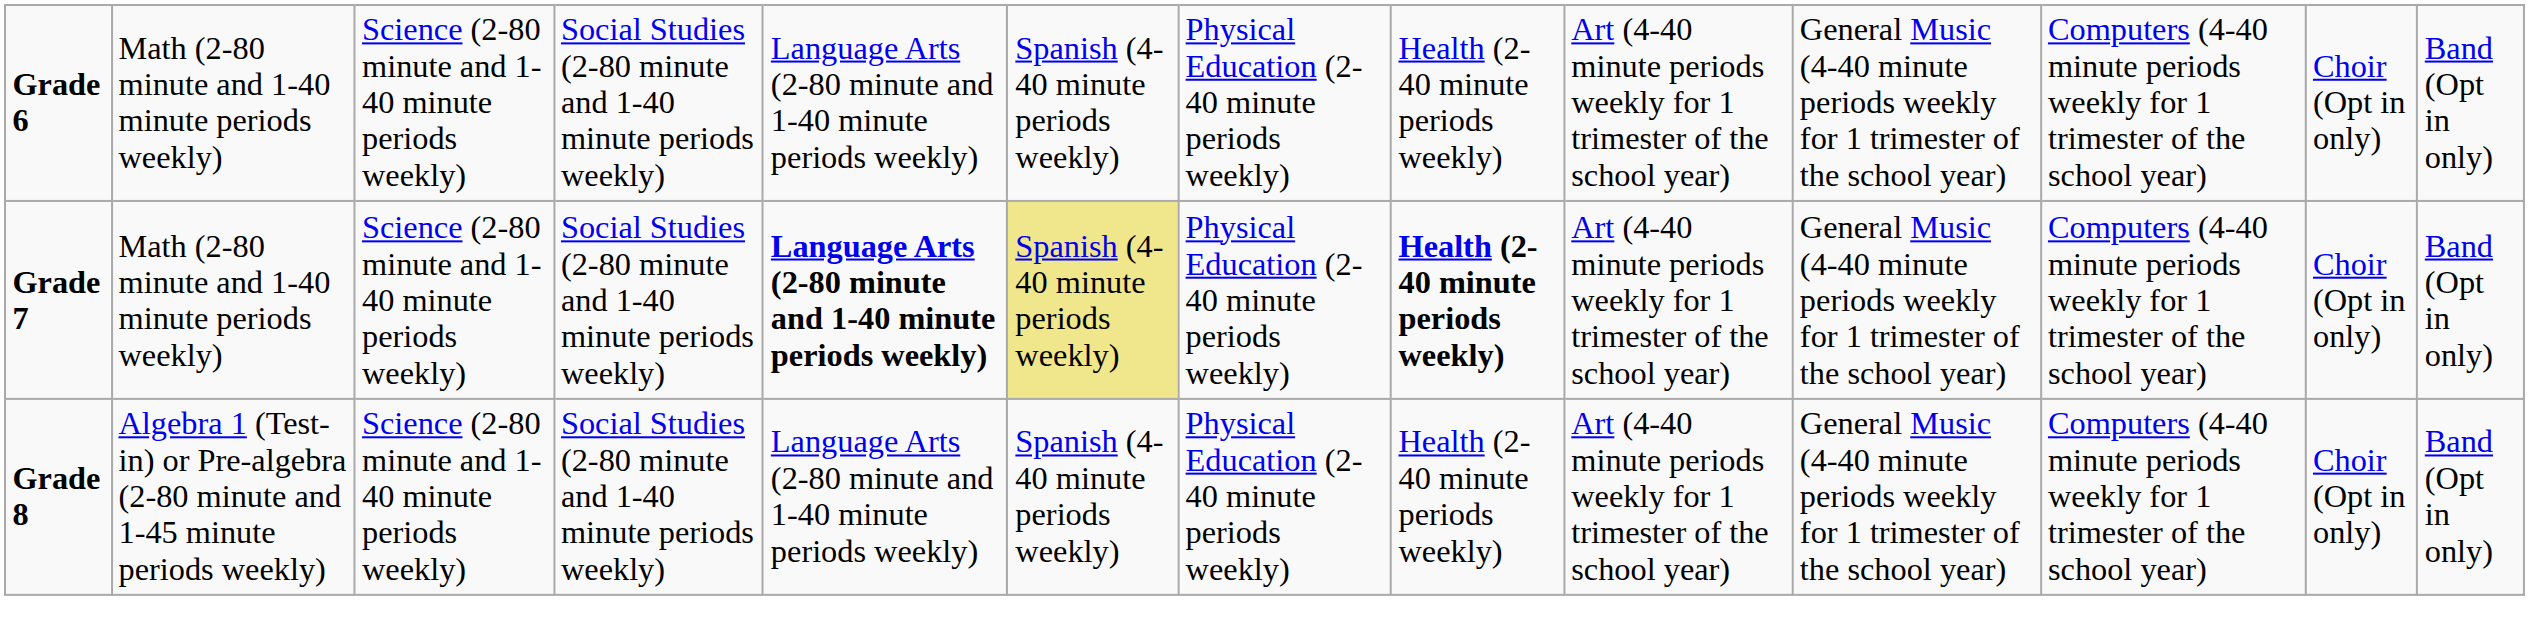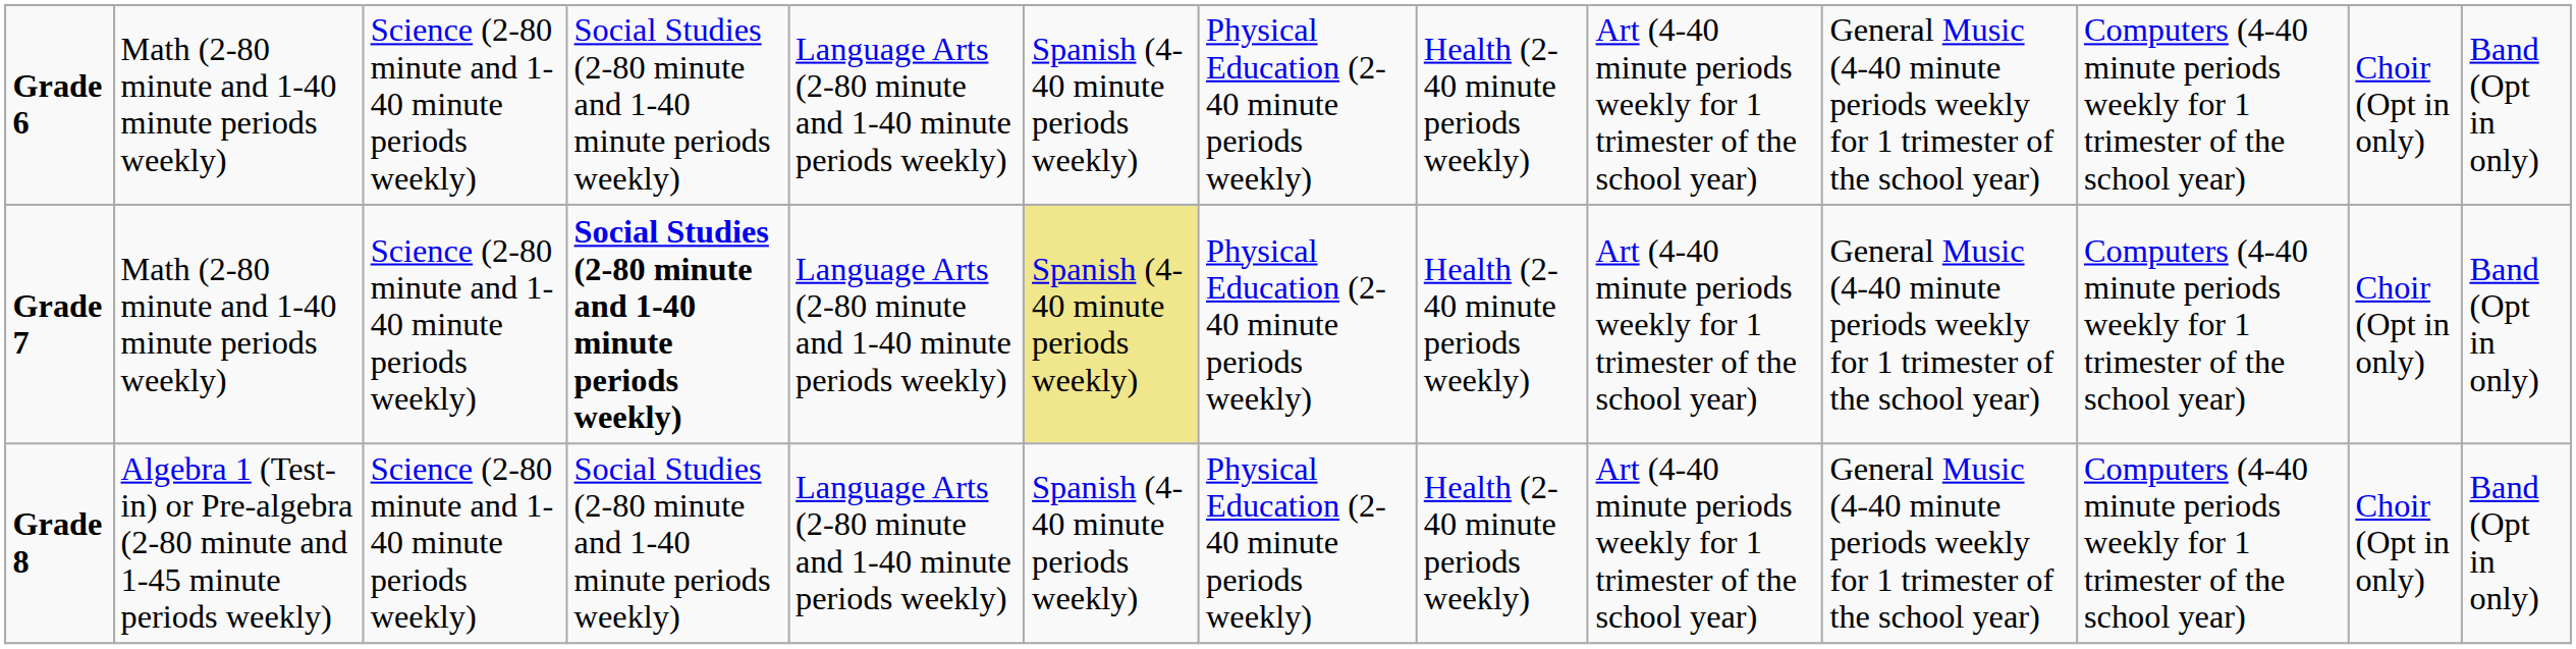 <table class="wikitable" border="1">
 <tr>
 <td><strong>Grade 6</strong></td>
 <td>Math (2-80 minute and 1-40 minute periods weekly)</td>
 <td><a href='#'>Science</a> (2-80 minute and 1-40 minute periods weekly)</td>
 <td><a href='#'>Social Studies</a> (2-80 minute and 1-40 minute periods weekly)</td>
 <td><a href='#'>Language Arts</a> (2-80 minute and 1-40 minute periods weekly)</td>
 <td><a href='#'>Spanish</a> (4-40 minute periods weekly)</td>
 <td><a href='#'>Physical Education</a> (2-40 minute periods weekly)</td>
 <td><a href='#'>Health</a> (2-40 minute periods weekly)</td>
 <td><a href='#'>Art</a> (4-40 minute periods weekly for 1 trimester of the school year)</td>
 <td>General <a href='#'>Music</a> (4-40 minute periods weekly for 1 trimester of the school year)</td>
 <td><a href='#'>Computers</a> (4-40 minute periods weekly for 1 trimester of the school year)</td>
 <td><a href='#'>Choir</a> (Opt in only)</td>
 <td><a href='#'>Band</a> (Opt in only)</td>
 </tr>
 <tr>
 <td><strong>Grade 7</strong></td>
 <td>Math (2-80 minute and 1-40 minute periods weekly)</td>
 <td><a href='#'>Science</a> (2-80 minute and 1-40 minute periods weekly)</td>
-<td><a href='#'>Social Studies</a> (2-80 minute and 1-40 minute periods weekly)</td>
-<td><strong><a href='#'>Language Arts</a> (2-80 minute and 1-40 minute periods weekly)</strong></td>
+<td><strong><a href='#'>Social Studies</a> (2-80 minute and 1-40 minute periods weekly)</strong></td>
+<td><a href='#'>Language Arts</a> (2-80 minute and 1-40 minute periods weekly)</td>
 <td style="background: khaki;"><a href='#'>Spanish</a> (4-40 minute periods weekly)</td>
 <td><a href='#'>Physical Education</a> (2-40 minute periods weekly)</td>
-<td><strong><a href='#'>Health</a> (2-40 minute periods weekly)</strong></td>
+<td><a href='#'>Health</a> (2-40 minute periods weekly)</td>
 <td><a href='#'>Art</a> (4-40 minute periods weekly for 1 trimester of the school year)</td>
 <td>General <a href='#'>Music</a> (4-40 minute periods weekly for 1 trimester of the school year)</td>
 <td><a href='#'>Computers</a> (4-40 minute periods weekly for 1 trimester of the school year)</td>
 <td><a href='#'>Choir</a> (Opt in only)</td>
 <td><a href='#'>Band</a> (Opt in only)</td>
 </tr>
 <tr>
 <td><strong>Grade 8</strong></td>
 <td><a href='#'>Algebra 1</a> (Test-in) or Pre-algebra (2-80 minute and 1-45 minute periods weekly)</td>
 <td><a href='#'>Science</a> (2-80 minute and 1-40 minute periods weekly)</td>
 <td><a href='#'>Social Studies</a> (2-80 minute and 1-40 minute periods weekly)</td>
 <td><a href='#'>Language Arts</a> (2-80 minute and 1-40 minute periods weekly)</td>
 <td><a href='#'>Spanish</a> (4-40 minute periods weekly)</td>
 <td><a href='#'>Physical Education</a> (2-40 minute periods weekly)</td>
 <td><a href='#'>Health</a> (2-40 minute periods weekly)</td>
 <td><a href='#'>Art</a> (4-40 minute periods weekly for 1 trimester of the school year)</td>
 <td>General <a href='#'>Music</a> (4-40 minute periods weekly for 1 trimester of the school year)</td>
 <td><a href='#'>Computers</a> (4-40 minute periods weekly for 1 trimester of the school year)</td>
 <td><a href='#'>Choir</a> (Opt in only)</td>
 <td><a href='#'>Band</a> (Opt in only)</td>
 </tr>
 </table>
